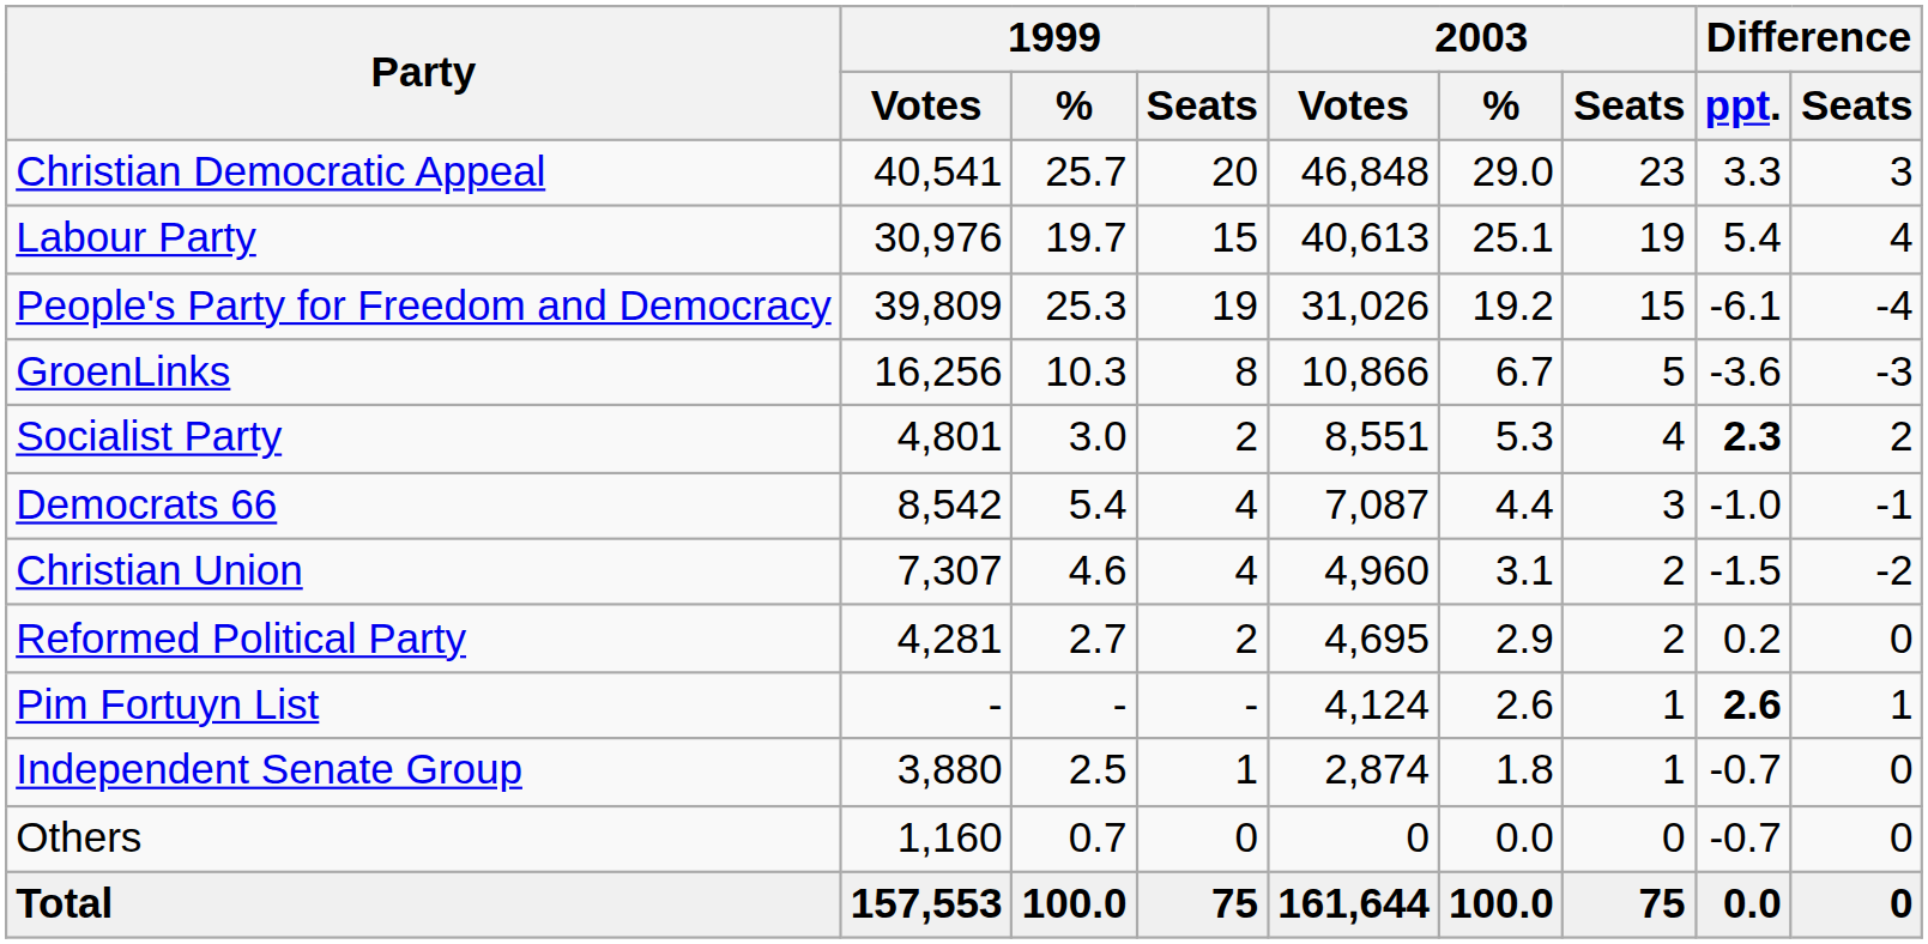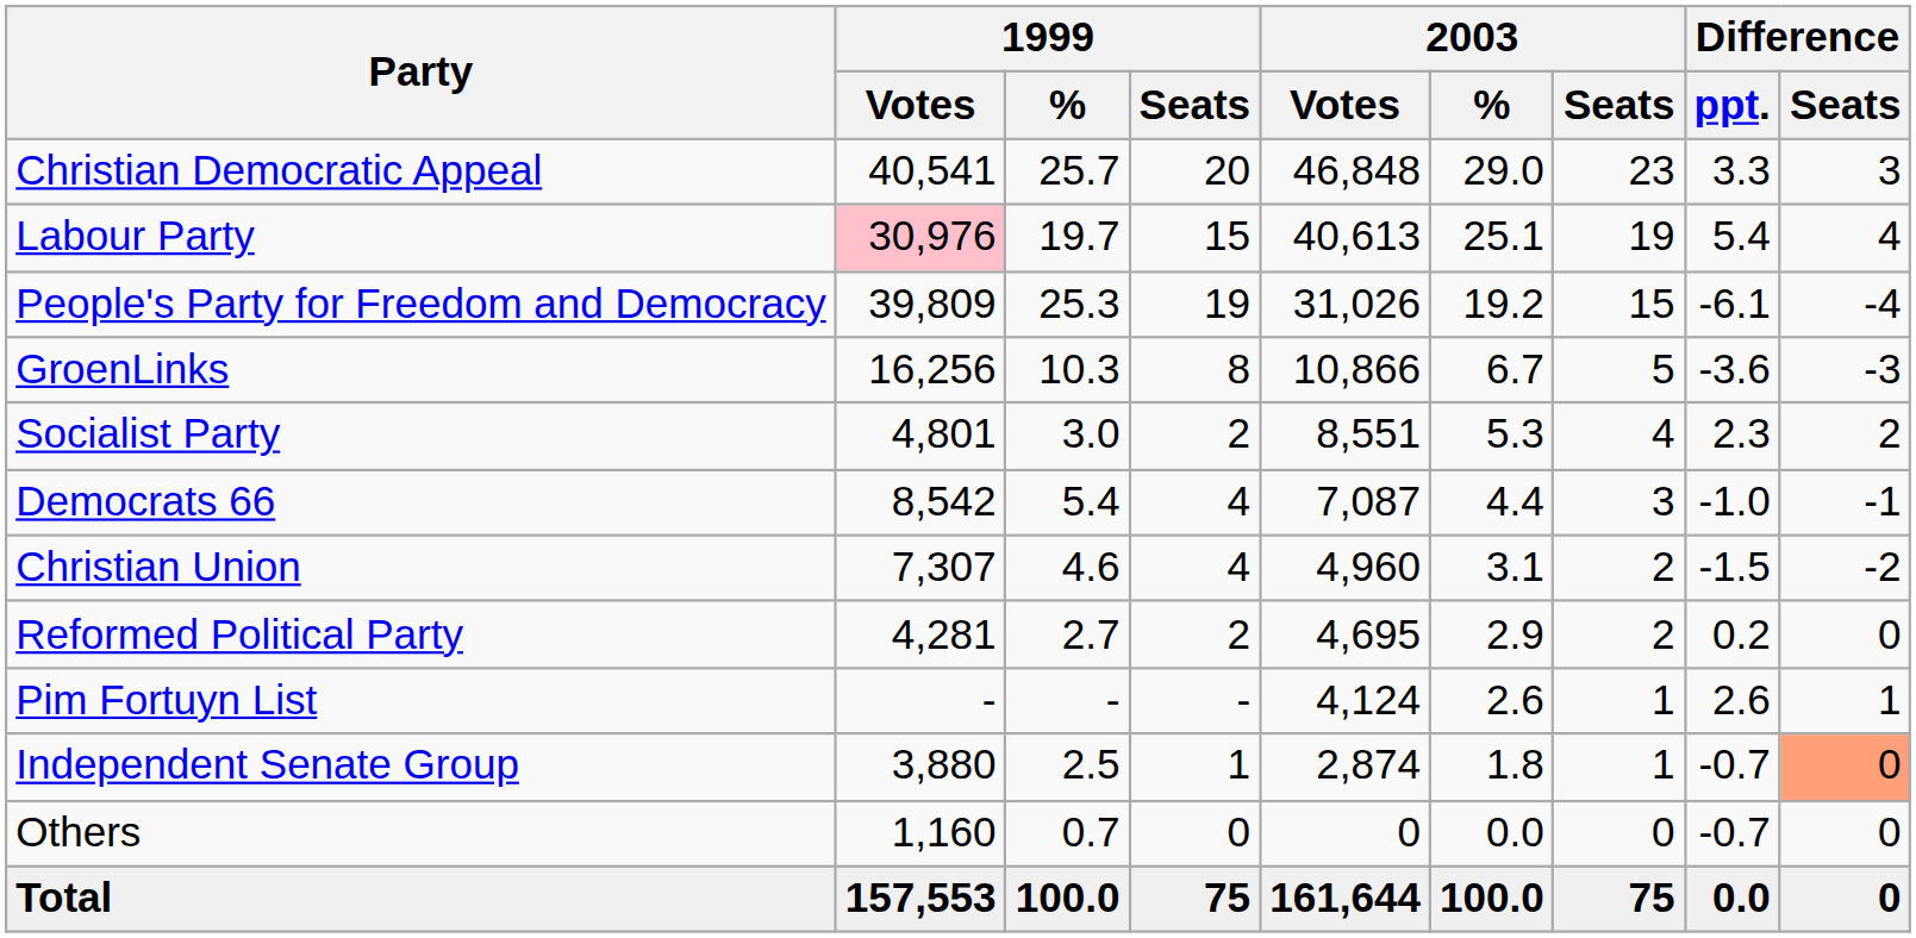 <table class="wikitable" style="text-align:right">
 <tr>
 <th rowspan=2>Party</th>
 <th colspan=3>1999</th>
 <th colspan=3>2003</th>
 <th colspan=2>Difference</th>
 </tr>
 <tr>
 <th>Votes</th>
 <th>%</th>
 <th>Seats</th>
 <th>Votes</th>
 <th>%</th>
 <th>Seats</th>
 <th><a href='#'>ppt</a>.</th>
 <th>Seats</th>
 </tr>
 <tr>
 <td align="left"><a href='#'>Christian Democratic Appeal</a></td>
 <td>40,541</td>
 <td>25.7</td>
 <td>20</td>
 <td>46,848</td>
 <td>29.0</td>
 <td>23</td>
 <td>3.3</td>
 <td>3</td>
 </tr>
 <tr>
 <td align="left"><a href='#'>Labour Party</a></td>
-<td>30,976</td>
+<td style="background: pink;">30,976</td>
 <td>19.7</td>
 <td>15</td>
 <td>40,613</td>
 <td>25.1</td>
 <td>19</td>
 <td>5.4</td>
 <td>4</td>
 </tr>
 <tr>
 <td align="left"><a href='#'>People's Party for Freedom and Democracy</a></td>
 <td>39,809</td>
 <td>25.3</td>
 <td>19</td>
 <td>31,026</td>
 <td>19.2</td>
 <td>15</td>
 <td>-6.1</td>
 <td>-4</td>
 </tr>
 <tr>
 <td align="left"><a href='#'>GroenLinks</a></td>
 <td>16,256</td>
 <td>10.3</td>
 <td>8</td>
 <td>10,866</td>
 <td>6.7</td>
 <td>5</td>
 <td>-3.6</td>
 <td>-3</td>
 </tr>
 <tr>
 <td align="left"><a href='#'>Socialist Party</a></td>
 <td>4,801</td>
 <td>3.0</td>
 <td>2</td>
 <td>8,551</td>
 <td>5.3</td>
 <td>4</td>
-<td><strong>2.3</strong></td>
+<td>2.3</td>
 <td>2</td>
 </tr>
 <tr>
 <td align="left"><a href='#'>Democrats 66</a></td>
 <td>8,542</td>
 <td>5.4</td>
 <td>4</td>
 <td>7,087</td>
 <td>4.4</td>
 <td>3</td>
 <td>-1.0</td>
 <td>-1</td>
 </tr>
 <tr>
 <td align="left"><a href='#'>Christian Union</a></td>
 <td>7,307</td>
 <td>4.6</td>
 <td>4</td>
 <td>4,960</td>
 <td>3.1</td>
 <td>2</td>
 <td>-1.5</td>
 <td>-2</td>
 </tr>
 <tr>
 <td align="left"><a href='#'>Reformed Political Party</a></td>
 <td>4,281</td>
 <td>2.7</td>
 <td>2</td>
 <td>4,695</td>
 <td>2.9</td>
 <td>2</td>
 <td>0.2</td>
 <td>0</td>
 </tr>
 <tr>
 <td align="left"><a href='#'>Pim Fortuyn List</a></td>
 <td>-</td>
 <td>-</td>
 <td>-</td>
 <td>4,124</td>
 <td>2.6</td>
 <td>1</td>
-<td><strong>2.6</strong></td>
+<td>2.6</td>
 <td>1</td>
 </tr>
 <tr>
 <td align="left"><a href='#'>Independent Senate Group</a></td>
 <td>3,880</td>
 <td>2.5</td>
 <td>1</td>
 <td>2,874</td>
 <td>1.8</td>
 <td>1</td>
 <td>-0.7</td>
-<td>0</td>
+<td style="background: lightsalmon;">0</td>
 </tr>
 <tr>
 <td align="left">Others</td>
 <td>1,160</td>
 <td>0.7</td>
 <td>0</td>
 <td>0</td>
 <td>0.0</td>
 <td>0</td>
 <td>-0.7</td>
 <td>0</td>
 </tr>
 <tr style="background-color:#f0f0f0; font-weight:bold;">
 <td align="left">Total</td>
 <td>157,553</td>
 <td>100.0</td>
 <td>75</td>
 <td>161,644</td>
 <td>100.0</td>
 <td>75</td>
 <td>0.0</td>
 <td>0</td>
 </tr>
 </table>
